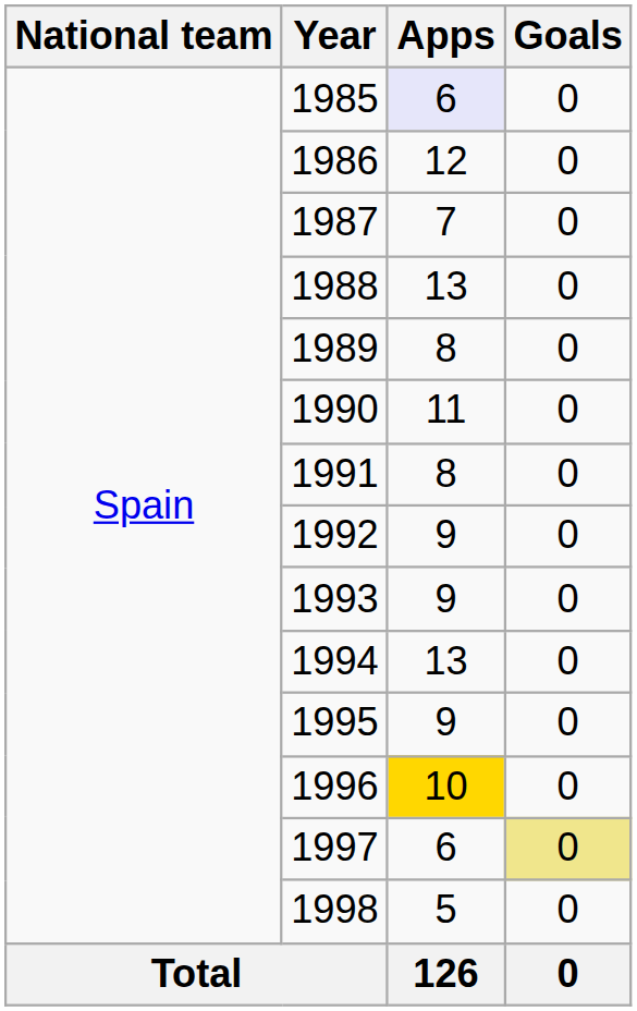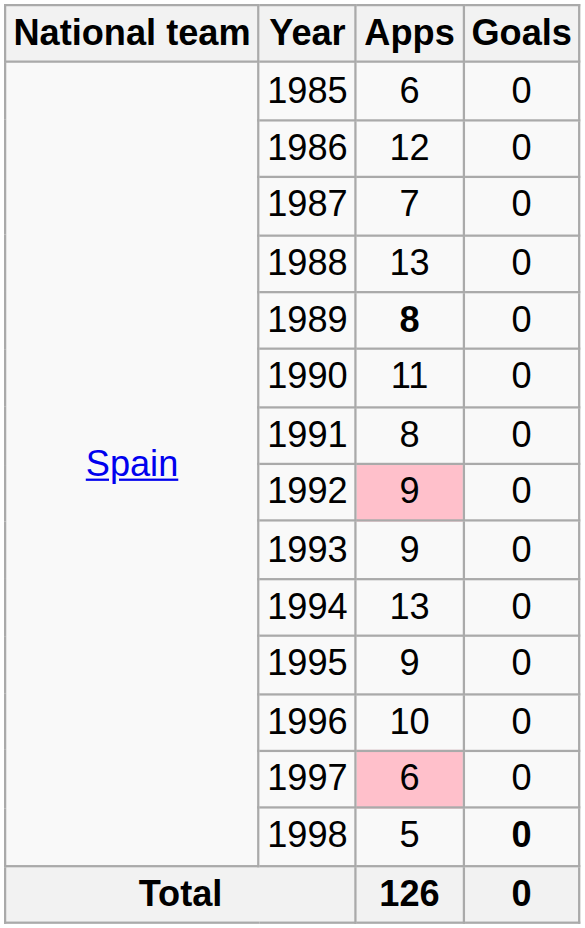 <table class="wikitable" style="text-align:center">
 <tr>
 <th>National team</th>
 <th>Year</th>
 <th>Apps</th>
 <th>Goals</th>
 </tr>
 <tr>
 <td rowspan="14"><a href='#'>Spain</a></td>
 <td>1985</td>
-<td style="background: lavender;">6</td>
+<td>6</td>
 <td>0</td>
 </tr>
 <tr>
 <td>1986</td>
 <td>12</td>
 <td>0</td>
 </tr>
 <tr>
 <td>1987</td>
 <td>7</td>
 <td>0</td>
 </tr>
 <tr>
 <td>1988</td>
 <td>13</td>
 <td>0</td>
 </tr>
 <tr>
 <td>1989</td>
-<td>8</td>
+<td><strong>8</strong></td>
 <td>0</td>
 </tr>
 <tr>
 <td>1990</td>
 <td>11</td>
 <td>0</td>
 </tr>
 <tr>
 <td>1991</td>
 <td>8</td>
 <td>0</td>
 </tr>
 <tr>
 <td>1992</td>
-<td>9</td>
+<td style="background: pink;">9</td>
 <td>0</td>
 </tr>
 <tr>
 <td>1993</td>
 <td>9</td>
 <td>0</td>
 </tr>
 <tr>
 <td>1994</td>
 <td>13</td>
 <td>0</td>
 </tr>
 <tr>
 <td>1995</td>
 <td>9</td>
 <td>0</td>
 </tr>
 <tr>
 <td>1996</td>
-<td style="background: gold;">10</td>
+<td>10</td>
 <td>0</td>
 </tr>
 <tr>
 <td>1997</td>
-<td>6</td>
-<td style="background: khaki;">0</td>
+<td style="background: pink;">6</td>
+<td>0</td>
 </tr>
 <tr>
 <td>1998</td>
 <td>5</td>
-<td>0</td>
+<td><strong>0</strong></td>
 </tr>
 <tr>
 <th colspan="2">Total</th>
 <th>126</th>
 <th>0</th>
 </tr>
 </table>
